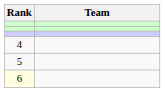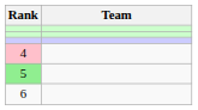 <table class=wikitable style="text-align:center;">
 <tr>
 <th>Rank</th>
 <th width=180>Team</th>
 </tr>
 <tr bgcolor=ccffcc>
 <td></td>
 <td align=left></td>
 </tr>
 <tr bgcolor=ccffcc>
 <td></td>
 <td align=left></td>
 </tr>
 <tr bgcolor=ccccff>
 <td></td>
 <td align=left></td>
 </tr>
 <tr>
-<td>4</td>
+<td style="background: pink;">4</td>
 <td align=left></td>
 </tr>
 <tr>
-<td>5</td>
+<td style="background: lightgreen;">5</td>
 <td align=left></td>
 </tr>
 <tr>
-<td style="background: lightyellow;">6</td>
+<td>6</td>
 <td align=left></td>
 </tr>
 </table>
